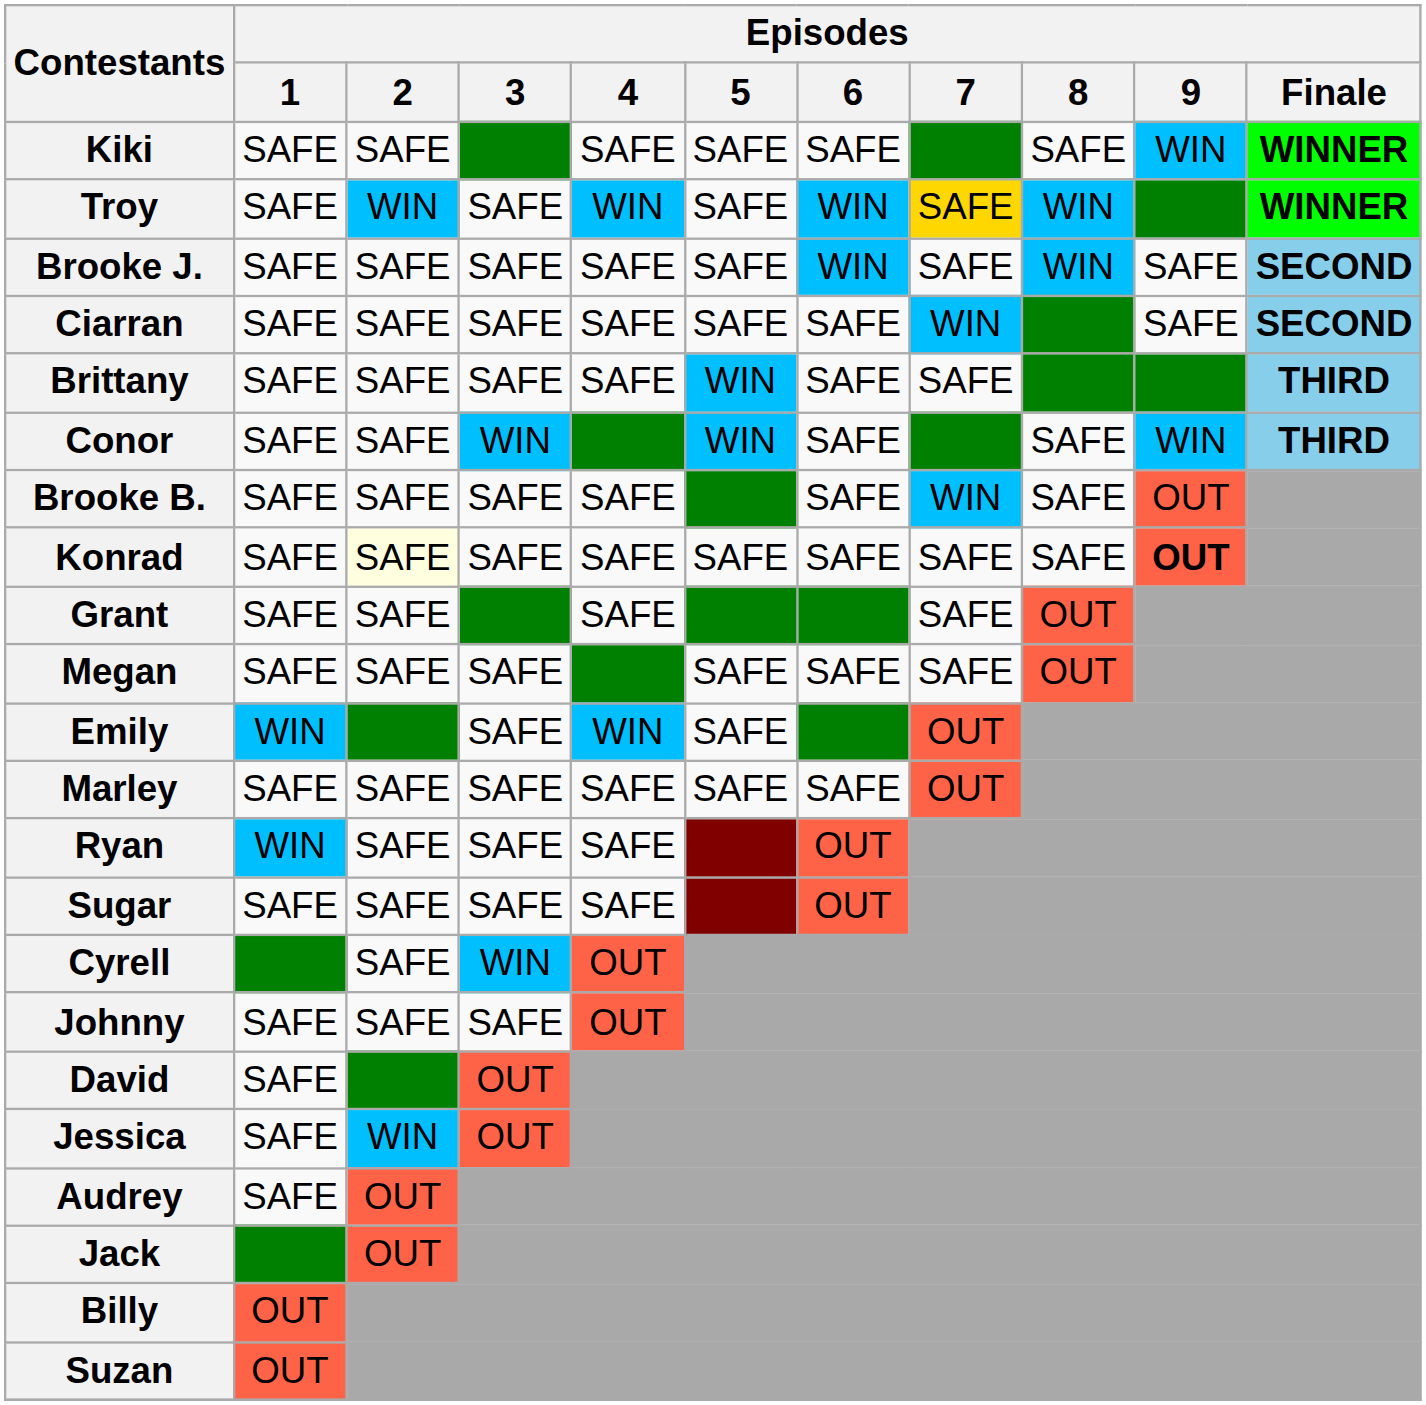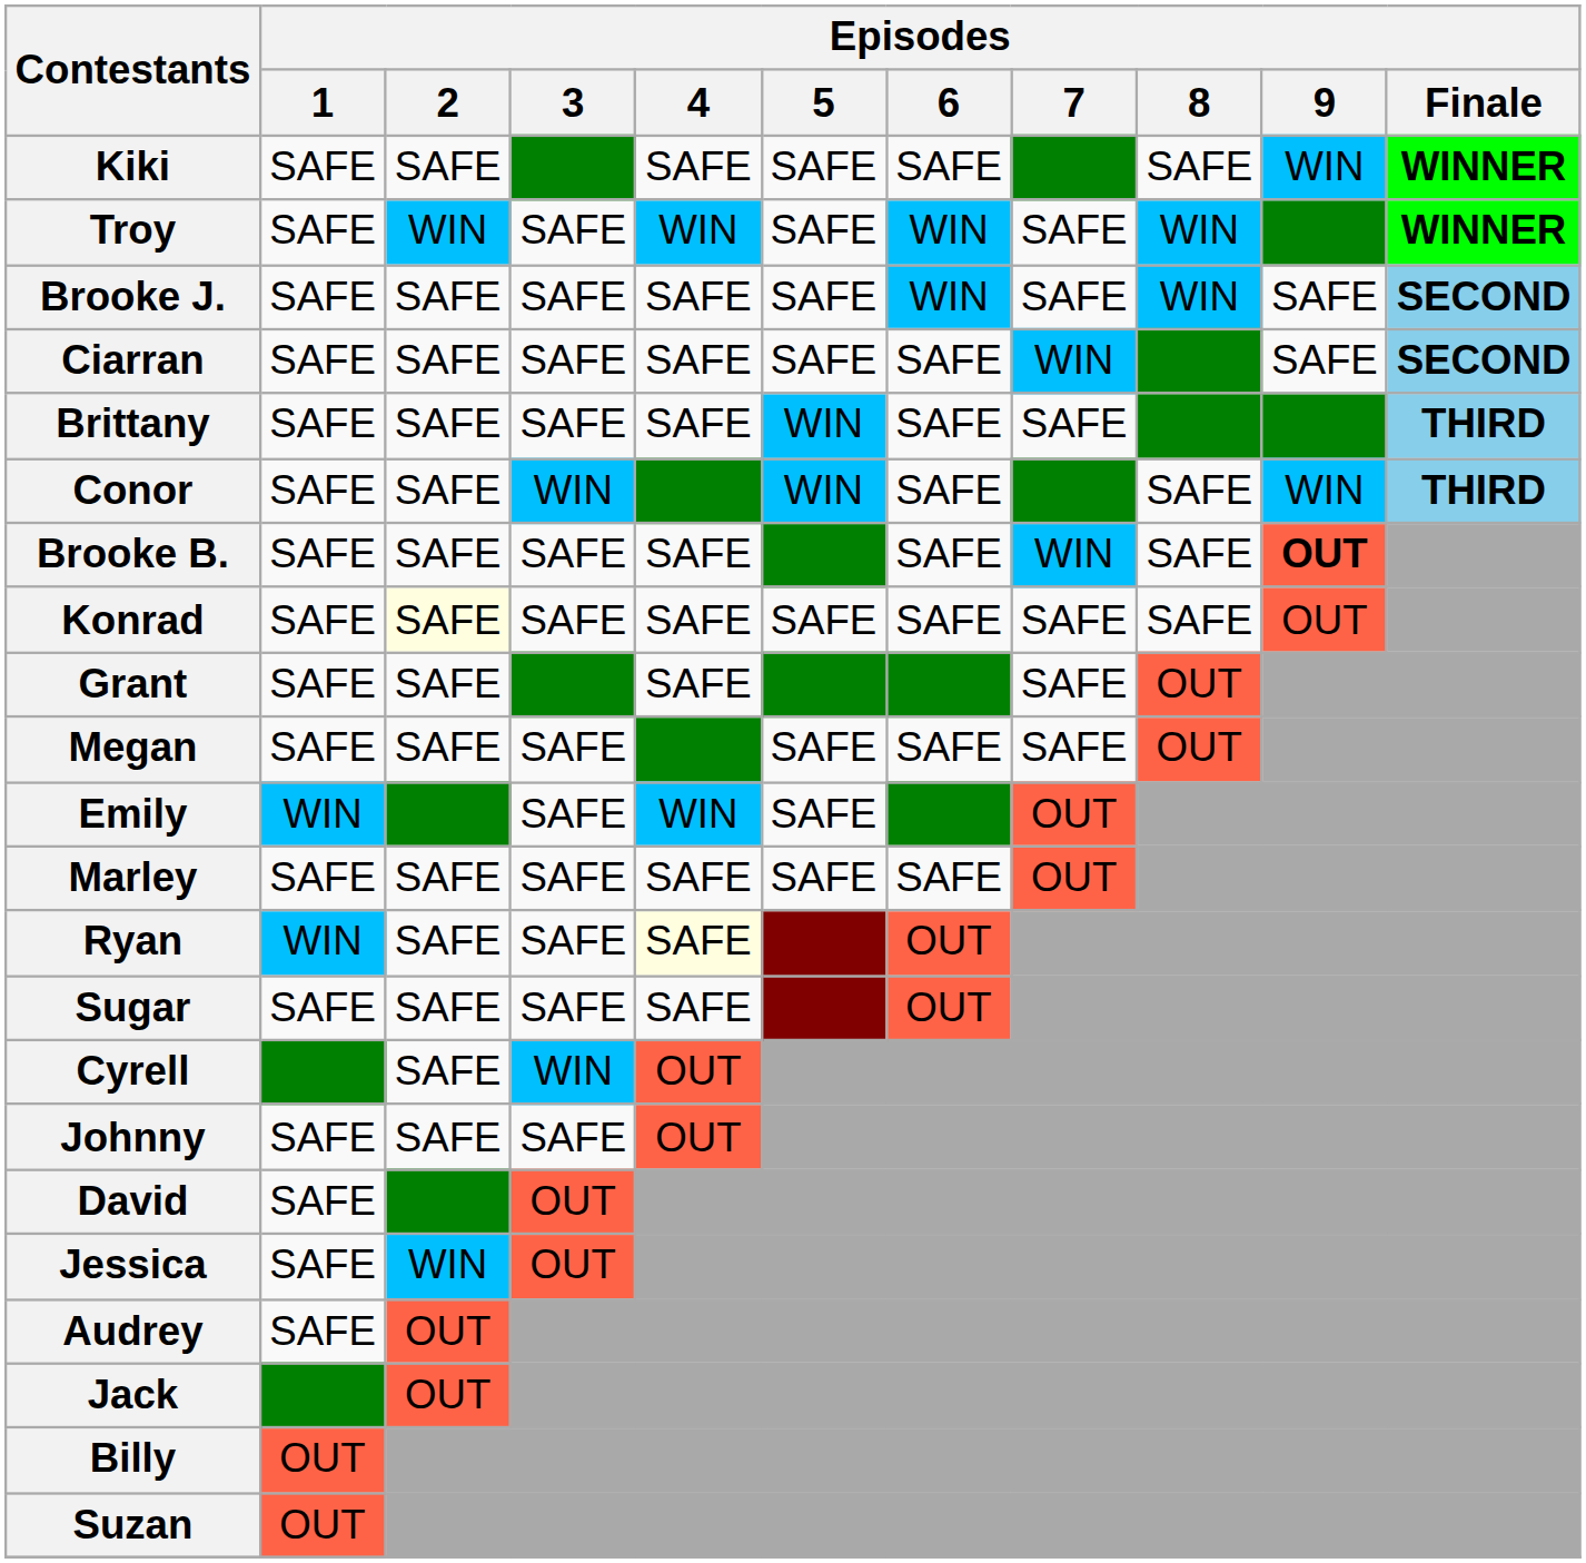 <table class="wikitable unsortable" style="text-align:center; font-size:100%;">
 <tr>
 <th scope="col" rowspan=2>Contestants</th>
 <th colspan="18" scope="col">Episodes</th>
 </tr>
 <tr>
 <th>1</th>
 <th>2</th>
 <th>3</th>
 <th>4</th>
 <th>5</th>
 <th>6</th>
 <th>7</th>
 <th>8</th>
 <th>9</th>
 <th>Finale</th>
 </tr>
 <tr>
 <th>Kiki</th>
 <td>SAFE</td>
 <td>SAFE</td>
 <td style="background:green"></td>
 <td>SAFE</td>
 <td>SAFE</td>
 <td>SAFE</td>
 <td style="background:green"></td>
 <td>SAFE</td>
 <td style="background:deepskyblue">WIN</td>
 <td style="background:lime"><strong>WINNER</strong></td>
 </tr>
 <tr>
 <th>Troy</th>
 <td>SAFE</td>
 <td style="background:deepskyblue">WIN</td>
 <td>SAFE</td>
 <td style="background:deepskyblue">WIN</td>
 <td>SAFE</td>
 <td style="background:deepskyblue">WIN</td>
-<td style="background: gold;">SAFE</td>
+<td>SAFE</td>
 <td style="background:deepskyblue">WIN</td>
 <td style="background:green"></td>
 <td style="background:lime"><strong>WINNER</strong></td>
 </tr>
 <tr>
 <th>Brooke J.</th>
 <td>SAFE</td>
 <td>SAFE</td>
 <td>SAFE</td>
 <td>SAFE</td>
 <td>SAFE</td>
 <td style="background:deepskyblue">WIN</td>
 <td>SAFE</td>
 <td style="background:deepskyblue">WIN</td>
 <td>SAFE</td>
 <td style="background:skyblue"><strong>SECOND</strong></td>
 </tr>
 <tr>
 <th>Ciarran</th>
 <td>SAFE</td>
 <td>SAFE</td>
 <td>SAFE</td>
 <td>SAFE</td>
 <td>SAFE</td>
 <td>SAFE</td>
 <td style="background:deepskyblue">WIN</td>
 <td style="background:green"></td>
 <td>SAFE</td>
 <td style="background:skyblue"><strong>SECOND</strong></td>
 </tr>
 <tr>
 <th>Brittany</th>
 <td>SAFE</td>
 <td>SAFE</td>
 <td>SAFE</td>
 <td>SAFE</td>
 <td style="background:deepskyblue">WIN</td>
 <td>SAFE</td>
 <td>SAFE</td>
 <td style="background:green"></td>
 <td style="background:green"></td>
 <td style="background:skyblue"><strong>THIRD</strong></td>
 </tr>
 <tr>
 <th>Conor</th>
 <td>SAFE</td>
 <td>SAFE</td>
 <td style="background:deepskyblue">WIN</td>
 <td style="background:green"></td>
 <td style="background:deepskyblue">WIN</td>
 <td>SAFE</td>
 <td style="background:green"></td>
 <td>SAFE</td>
 <td style="background:deepskyblue">WIN</td>
 <td style="background:skyblue"><strong>THIRD</strong></td>
 </tr>
 <tr>
 <th>Brooke B.</th>
 <td>SAFE</td>
 <td>SAFE</td>
 <td>SAFE</td>
 <td>SAFE</td>
 <td style="background:green"></td>
 <td>SAFE</td>
 <td style="background:deepskyblue">WIN</td>
 <td>SAFE</td>
-<td style="background:tomato">OUT</td>
+<td style="background:tomato"><strong>OUT</strong></td>
 <td colspan="1" style="background:darkgray"></td>
 </tr>
 <tr>
 <th>Konrad</th>
 <td>SAFE</td>
 <td style="background: lightyellow;">SAFE</td>
 <td>SAFE</td>
 <td>SAFE</td>
 <td>SAFE</td>
 <td>SAFE</td>
 <td>SAFE</td>
 <td>SAFE</td>
-<td style="background:tomato"><strong>OUT</strong></td>
+<td style="background:tomato">OUT</td>
 <td colspan="1" style="background:darkgray"></td>
 </tr>
 <tr>
 <th>Grant</th>
 <td>SAFE</td>
 <td>SAFE</td>
 <td style="background:green"></td>
 <td>SAFE</td>
 <td style="background:green"></td>
 <td style="background:green"></td>
 <td>SAFE</td>
 <td style="background:tomato">OUT</td>
 <td colspan="2" style="background:darkgray"></td>
 </tr>
 <tr>
 <th>Megan</th>
 <td>SAFE</td>
 <td>SAFE</td>
 <td>SAFE</td>
 <td style="background:green"></td>
 <td>SAFE</td>
 <td>SAFE</td>
 <td>SAFE</td>
 <td style="background:tomato">OUT</td>
 <td colspan="2" style="background:darkgray"></td>
 </tr>
 <tr>
 <th>Emily</th>
 <td style="background:deepskyblue">WIN</td>
 <td style="background:green"></td>
 <td>SAFE</td>
 <td style="background:deepskyblue">WIN</td>
 <td>SAFE</td>
 <td style="background:green"></td>
 <td style="background:tomato">OUT</td>
 <td colspan="3" style="background:darkgray"></td>
 </tr>
 <tr>
 <th>Marley</th>
 <td>SAFE</td>
 <td>SAFE</td>
 <td>SAFE</td>
 <td>SAFE</td>
 <td>SAFE</td>
 <td>SAFE</td>
 <td style="background:tomato">OUT</td>
 <td colspan="3" style="background:darkgray"></td>
 </tr>
 <tr>
 <th>Ryan</th>
 <td style="background:deepskyblue">WIN</td>
 <td>SAFE</td>
 <td>SAFE</td>
-<td>SAFE</td>
+<td style="background: lightyellow;">SAFE</td>
 <td style="background:maroon"></td>
 <td style="background:tomato">OUT</td>
 <td colspan="4" style="background:darkgray"></td>
 </tr>
 <tr>
 <th>Sugar</th>
 <td>SAFE</td>
 <td>SAFE</td>
 <td>SAFE</td>
 <td>SAFE</td>
 <td style="background:maroon"></td>
 <td style="background:tomato">OUT</td>
 <td colspan="4" style="background:darkgray"></td>
 </tr>
 <tr>
 <th>Cyrell</th>
 <td style="background:green"></td>
 <td>SAFE</td>
 <td style="background:deepskyblue">WIN</td>
 <td style="background:tomato">OUT</td>
 <td colspan="6" style="background:darkgray"></td>
 </tr>
 <tr>
 <th>Johnny</th>
 <td>SAFE</td>
 <td>SAFE</td>
 <td>SAFE</td>
 <td style="background:tomato">OUT</td>
 <td colspan="6" style="background:darkgray"></td>
 </tr>
 <tr>
 <th>David</th>
 <td>SAFE</td>
 <td style="background:green"></td>
 <td style="background:tomato">OUT</td>
 <td colspan="7" style="background:darkgray"></td>
 </tr>
 <tr>
 <th>Jessica</th>
 <td>SAFE</td>
 <td style="background:deepskyblue">WIN</td>
 <td style="background:tomato">OUT</td>
 <td colspan="7" style="background:darkgray"></td>
 </tr>
 <tr>
 <th>Audrey</th>
 <td>SAFE</td>
 <td style="background:tomato">OUT</td>
 <td colspan="8" style="background:darkgray"></td>
 </tr>
 <tr>
 <th>Jack</th>
 <td style="background:green"></td>
 <td style="background:tomato">OUT</td>
 <td colspan="8" style="background:darkgray"></td>
 </tr>
 <tr>
 <th>Billy</th>
 <td style="background:tomato">OUT</td>
 <td colspan="9" style="background:darkgray"></td>
 </tr>
 <tr>
 <th>Suzan</th>
 <td style="background:tomato">OUT</td>
 <td colspan="9" style="background:darkgray"></td>
 </tr>
 <tr>
 </tr>
 </table>
